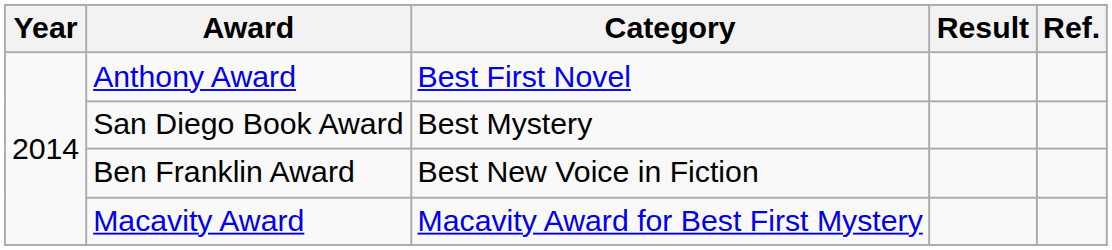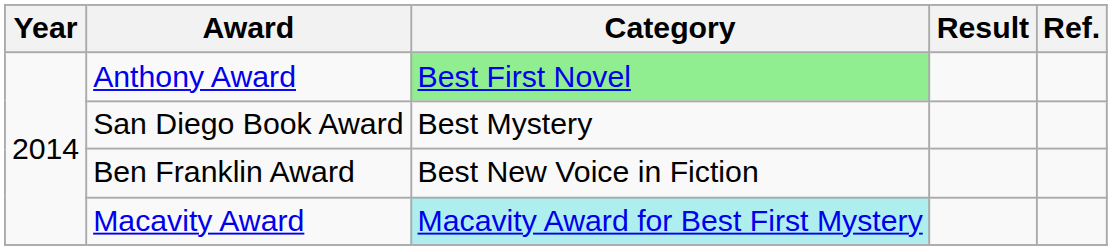 <table class="wikitable sortable mw-collapsible">
 <tr>
 <th>Year</th>
 <th>Award</th>
 <th>Category</th>
 <th>Result</th>
 <th>Ref.</th>
 </tr>
 <tr>
 <td rowspan="4">2014</td>
 <td><a href='#'>Anthony Award</a></td>
-<td><a href='#'>Best First Novel</a></td>
+<td style="background: lightgreen;"><a href='#'>Best First Novel</a></td>
 <td></td>
 <td></td>
 </tr>
 <tr>
 <td>San Diego Book Award</td>
 <td>Best Mystery</td>
 <td></td>
 <td></td>
 </tr>
 <tr>
 <td>Ben Franklin Award</td>
 <td>Best New Voice in Fiction</td>
 <td></td>
 <td></td>
 </tr>
 <tr>
 <td><a href='#'>Macavity Award</a></td>
-<td><a href='#'>Macavity Award for Best First Mystery</a></td>
+<td style="background: paleturquoise;"><a href='#'>Macavity Award for Best First Mystery</a></td>
 <td></td>
 <td></td>
 </tr>
 </table>
